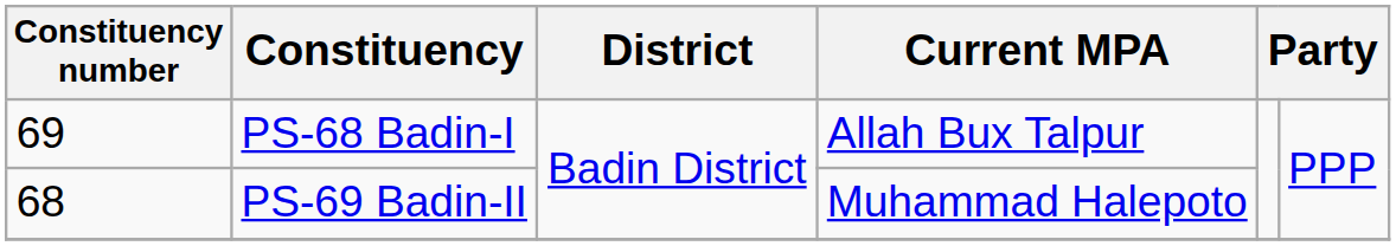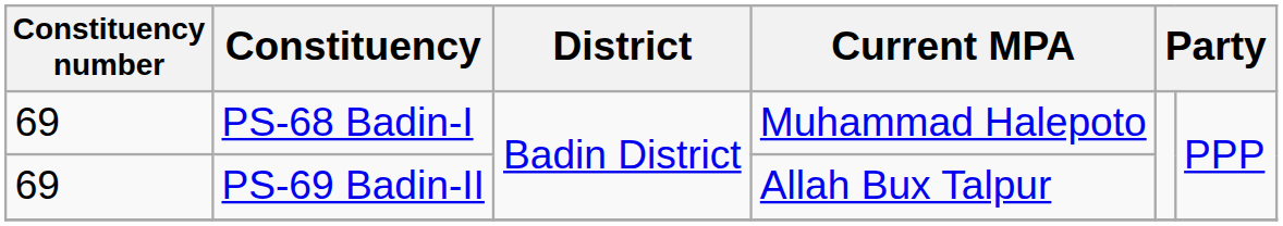 <table class="wikitable">
 <tr>
 <th width="50px" style="font-size:75%">Constituency number</th>
 <th>Constituency</th>
 <th>District</th>
 <th>Current MPA</th>
 <th colspan="2">Party</th>
 </tr>
 <tr>
 <td>69</td>
 <td><a href='#'>PS-68 Badin-I</a></td>
 <td rowspan="2"><a href='#'>Badin District</a></td>
-<td><a href='#'>Allah Bux Talpur</a></td>
+<td><a href='#'>Muhammad Halepoto</a></td>
 <td rowspan="2"></td>
 <td rowspan="2"><a href='#'>PPP</a></td>
 </tr>
 <tr>
-<td>68</td>
+<td>69</td>
 <td><a href='#'>PS-69 Badin-II</a></td>
-<td><a href='#'>Muhammad Halepoto</a></td>
+<td><a href='#'>Allah Bux Talpur</a></td>
 </tr>
 <tr>
 </tr>
 </table>
